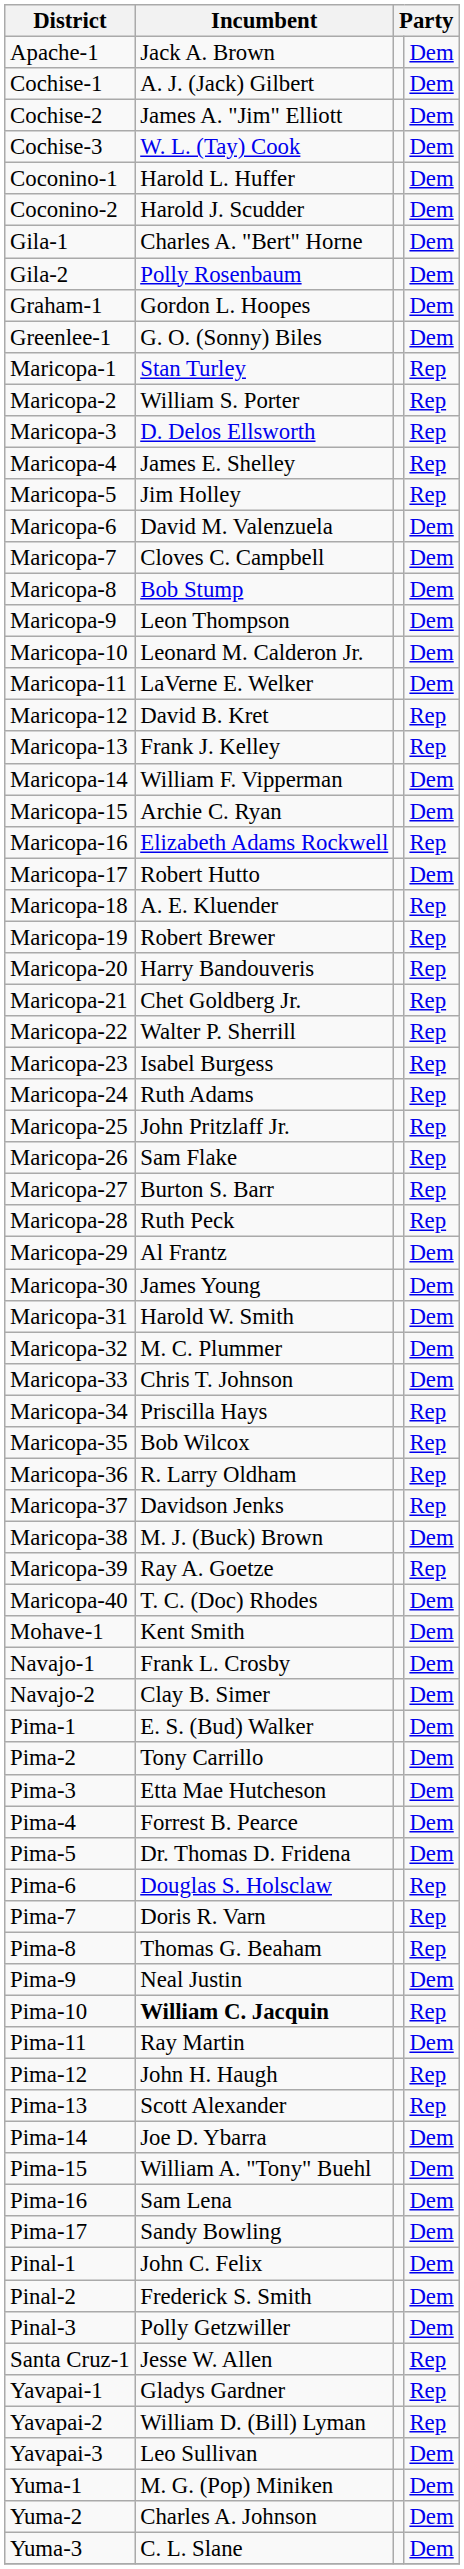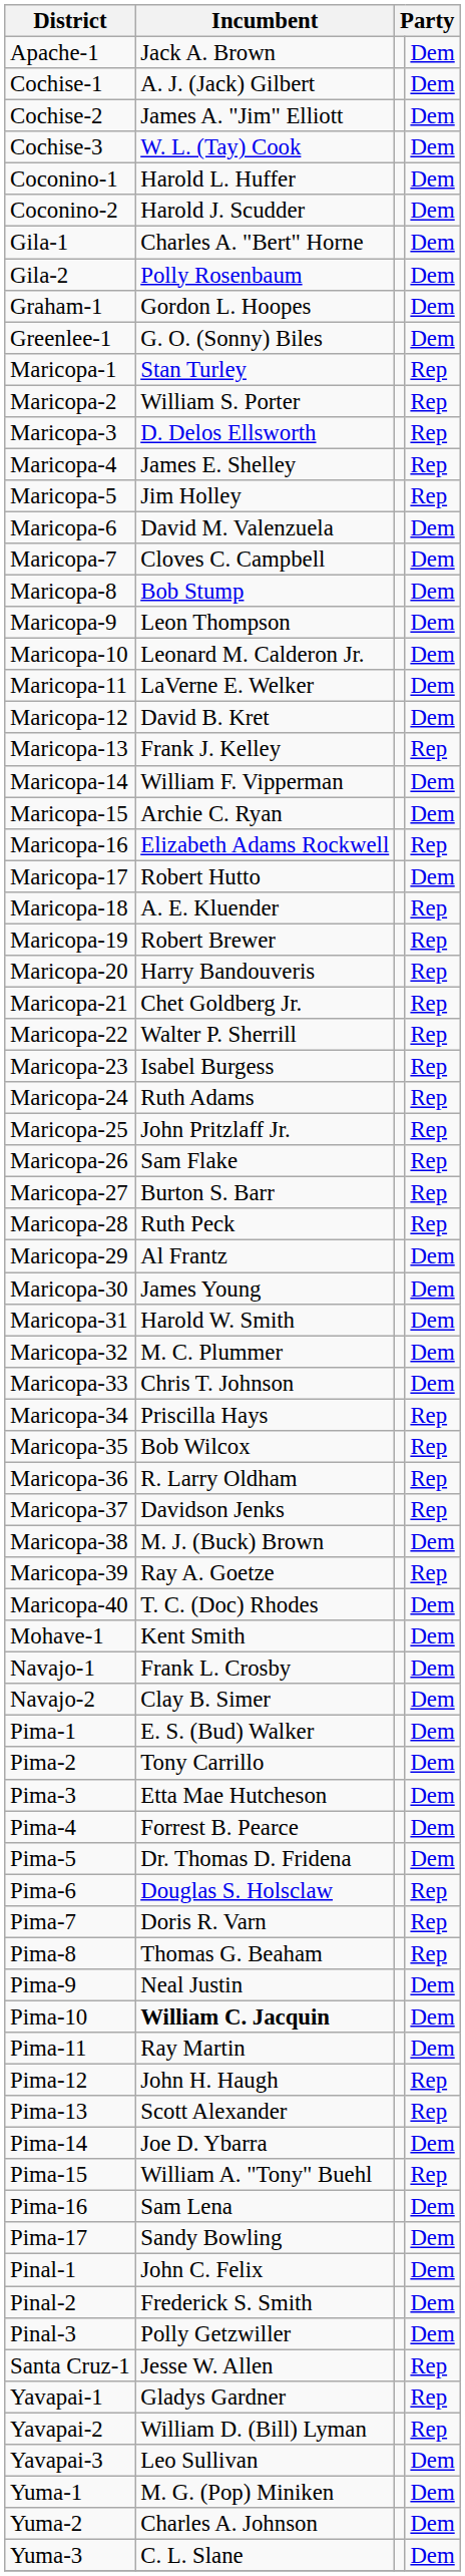 <table class="sortable wikitable" style="font-size:95%;line-height:14px;">
 <tr>
 <th>District</th>
 <th>Incumbent</th>
 <th colspan="2">Party</th>
 </tr>
 <tr>
 <td>Apache-1</td>
 <td>Jack A. Brown</td>
 <td style="background:"></td>
 <td><a href='#'>Dem</a></td>
 </tr>
 <tr>
 <td>Cochise-1</td>
 <td>A. J. (Jack) Gilbert</td>
 <td style="background:"></td>
 <td><a href='#'>Dem</a></td>
 </tr>
 <tr>
 <td>Cochise-2</td>
 <td>James A. "Jim" Elliott</td>
 <td style="background:"></td>
 <td><a href='#'>Dem</a></td>
 </tr>
 <tr>
 <td>Cochise-3</td>
 <td><a href='#'>W. L. (Tay) Cook</a></td>
 <td style="background:"></td>
 <td><a href='#'>Dem</a></td>
 </tr>
 <tr>
 <td>Coconino-1</td>
 <td>Harold L. Huffer</td>
 <td style="background:"></td>
 <td><a href='#'>Dem</a></td>
 </tr>
 <tr>
 <td>Coconino-2</td>
 <td>Harold J. Scudder</td>
 <td style="background:"></td>
 <td><a href='#'>Dem</a></td>
 </tr>
 <tr>
 <td>Gila-1</td>
 <td>Charles A. "Bert" Horne</td>
 <td style="background:"></td>
 <td><a href='#'>Dem</a></td>
 </tr>
 <tr>
 <td>Gila-2</td>
 <td><a href='#'>Polly Rosenbaum</a></td>
 <td style="background:"></td>
 <td><a href='#'>Dem</a></td>
 </tr>
 <tr>
 <td>Graham-1</td>
 <td>Gordon L. Hoopes</td>
 <td style="background:"></td>
 <td><a href='#'>Dem</a></td>
 </tr>
 <tr>
 <td>Greenlee-1</td>
 <td>G. O. (Sonny) Biles</td>
 <td style="background:"></td>
 <td><a href='#'>Dem</a></td>
 </tr>
 <tr>
 <td>Maricopa-1</td>
 <td><a href='#'>Stan Turley</a></td>
 <td style="background:"></td>
 <td><a href='#'>Rep</a></td>
 </tr>
 <tr>
 <td>Maricopa-2</td>
 <td>William S. Porter</td>
 <td style="background:"></td>
 <td><a href='#'>Rep</a></td>
 </tr>
 <tr>
 <td>Maricopa-3</td>
 <td><a href='#'>D. Delos Ellsworth</a></td>
 <td style="background:"></td>
 <td><a href='#'>Rep</a></td>
 </tr>
 <tr>
 <td>Maricopa-4</td>
 <td>James E. Shelley</td>
 <td style="background:"></td>
 <td><a href='#'>Rep</a></td>
 </tr>
 <tr>
 <td>Maricopa-5</td>
 <td>Jim Holley</td>
 <td style="background:"></td>
 <td><a href='#'>Rep</a></td>
 </tr>
 <tr>
 <td>Maricopa-6</td>
 <td>David M. Valenzuela</td>
 <td style="background:"></td>
 <td><a href='#'>Dem</a></td>
 </tr>
 <tr>
 <td>Maricopa-7</td>
 <td>Cloves C. Campbell</td>
 <td style="background:"></td>
 <td><a href='#'>Dem</a></td>
 </tr>
 <tr>
 <td>Maricopa-8</td>
 <td><a href='#'>Bob Stump</a></td>
 <td style="background:"></td>
 <td><a href='#'>Dem</a></td>
 </tr>
 <tr>
 <td>Maricopa-9</td>
 <td>Leon Thompson</td>
 <td style="background:"></td>
 <td><a href='#'>Dem</a></td>
 </tr>
 <tr>
 <td>Maricopa-10</td>
 <td>Leonard M. Calderon Jr.</td>
 <td style="background:"></td>
 <td><a href='#'>Dem</a></td>
 </tr>
 <tr>
 <td>Maricopa-11</td>
 <td>LaVerne E. Welker</td>
 <td style="background:"></td>
 <td><a href='#'>Dem</a></td>
 </tr>
 <tr>
 <td>Maricopa-12</td>
 <td>David B. Kret</td>
 <td style="background:"></td>
-<td><a href='#'>Rep</a></td>
+<td><a href='#'>Dem</a></td>
 </tr>
 <tr>
 <td>Maricopa-13</td>
 <td>Frank J. Kelley</td>
 <td style="background:"></td>
 <td><a href='#'>Rep</a></td>
 </tr>
 <tr>
 <td>Maricopa-14</td>
 <td>William F. Vipperman</td>
 <td style="background:"></td>
 <td><a href='#'>Dem</a></td>
 </tr>
 <tr>
 <td>Maricopa-15</td>
 <td>Archie C. Ryan</td>
 <td style="background:"></td>
 <td><a href='#'>Dem</a></td>
 </tr>
 <tr>
 <td>Maricopa-16</td>
 <td><a href='#'>Elizabeth Adams Rockwell</a></td>
 <td style="background:"></td>
 <td><a href='#'>Rep</a></td>
 </tr>
 <tr>
 <td>Maricopa-17</td>
 <td>Robert Hutto</td>
 <td style="background:"></td>
 <td><a href='#'>Dem</a></td>
 </tr>
 <tr>
 <td>Maricopa-18</td>
 <td>A. E. Kluender</td>
 <td style="background:"></td>
 <td><a href='#'>Rep</a></td>
 </tr>
 <tr>
 <td>Maricopa-19</td>
 <td>Robert Brewer</td>
 <td style="background:"></td>
 <td><a href='#'>Rep</a></td>
 </tr>
 <tr>
 <td>Maricopa-20</td>
 <td>Harry Bandouveris</td>
 <td style="background:"></td>
 <td><a href='#'>Rep</a></td>
 </tr>
 <tr>
 <td>Maricopa-21</td>
 <td>Chet Goldberg Jr.</td>
 <td style="background:"></td>
 <td><a href='#'>Rep</a></td>
 </tr>
 <tr>
 <td>Maricopa-22</td>
 <td>Walter P. Sherrill</td>
 <td style="background:"></td>
 <td><a href='#'>Rep</a></td>
 </tr>
 <tr>
 <td>Maricopa-23</td>
 <td>Isabel Burgess</td>
 <td style="background:"></td>
 <td><a href='#'>Rep</a></td>
 </tr>
 <tr>
 <td>Maricopa-24</td>
 <td>Ruth Adams</td>
 <td style="background:"></td>
 <td><a href='#'>Rep</a></td>
 </tr>
 <tr>
 <td>Maricopa-25</td>
 <td>John Pritzlaff Jr.</td>
 <td style="background:"></td>
 <td><a href='#'>Rep</a></td>
 </tr>
 <tr>
 <td>Maricopa-26</td>
 <td>Sam Flake</td>
 <td style="background:"></td>
 <td><a href='#'>Rep</a></td>
 </tr>
 <tr>
 <td>Maricopa-27</td>
 <td>Burton S. Barr</td>
 <td style="background:"></td>
 <td><a href='#'>Rep</a></td>
 </tr>
 <tr>
 <td>Maricopa-28</td>
 <td>Ruth Peck</td>
 <td style="background:"></td>
 <td><a href='#'>Rep</a></td>
 </tr>
 <tr>
 <td>Maricopa-29</td>
 <td>Al Frantz</td>
 <td style="background:"></td>
 <td><a href='#'>Dem</a></td>
 </tr>
 <tr>
 <td>Maricopa-30</td>
 <td>James Young</td>
 <td style="background:"></td>
 <td><a href='#'>Dem</a></td>
 </tr>
 <tr>
 <td>Maricopa-31</td>
 <td>Harold W. Smith</td>
 <td style="background:"></td>
 <td><a href='#'>Dem</a></td>
 </tr>
 <tr>
 <td>Maricopa-32</td>
 <td>M. C. Plummer</td>
 <td style="background:"></td>
 <td><a href='#'>Dem</a></td>
 </tr>
 <tr>
 <td>Maricopa-33</td>
 <td>Chris T. Johnson</td>
 <td style="background:"></td>
 <td><a href='#'>Dem</a></td>
 </tr>
 <tr>
 <td>Maricopa-34</td>
 <td>Priscilla Hays</td>
 <td style="background:"></td>
 <td><a href='#'>Rep</a></td>
 </tr>
 <tr>
 <td>Maricopa-35</td>
 <td>Bob Wilcox</td>
 <td style="background:"></td>
 <td><a href='#'>Rep</a></td>
 </tr>
 <tr>
 <td>Maricopa-36</td>
 <td>R. Larry Oldham</td>
 <td style="background:"></td>
 <td><a href='#'>Rep</a></td>
 </tr>
 <tr>
 <td>Maricopa-37</td>
 <td>Davidson Jenks</td>
 <td style="background:"></td>
 <td><a href='#'>Rep</a></td>
 </tr>
 <tr>
 <td>Maricopa-38</td>
 <td>M. J. (Buck) Brown</td>
 <td style="background:"></td>
 <td><a href='#'>Dem</a></td>
 </tr>
 <tr>
 <td>Maricopa-39</td>
 <td>Ray A. Goetze</td>
 <td style="background:"></td>
 <td><a href='#'>Rep</a></td>
 </tr>
 <tr>
 <td>Maricopa-40</td>
 <td>T. C. (Doc) Rhodes</td>
 <td style="background:"></td>
 <td><a href='#'>Dem</a></td>
 </tr>
 <tr>
 <td>Mohave-1</td>
 <td>Kent Smith</td>
 <td style="background:"></td>
 <td><a href='#'>Dem</a></td>
 </tr>
 <tr>
 <td>Navajo-1</td>
 <td>Frank L. Crosby</td>
 <td style="background:"></td>
 <td><a href='#'>Dem</a></td>
 </tr>
 <tr>
 <td>Navajo-2</td>
 <td>Clay B. Simer</td>
 <td style="background:"></td>
 <td><a href='#'>Dem</a></td>
 </tr>
 <tr>
 <td>Pima-1</td>
 <td>E. S. (Bud) Walker</td>
 <td style="background:"></td>
 <td><a href='#'>Dem</a></td>
 </tr>
 <tr>
 <td>Pima-2</td>
 <td>Tony Carrillo</td>
 <td style="background:"></td>
 <td><a href='#'>Dem</a></td>
 </tr>
 <tr>
 <td>Pima-3</td>
 <td>Etta Mae Hutcheson</td>
 <td style="background:"></td>
 <td><a href='#'>Dem</a></td>
 </tr>
 <tr>
 <td>Pima-4</td>
 <td>Forrest B. Pearce</td>
 <td style="background:"></td>
 <td><a href='#'>Dem</a></td>
 </tr>
 <tr>
 <td>Pima-5</td>
 <td>Dr. Thomas D. Fridena</td>
 <td style="background:"></td>
 <td><a href='#'>Dem</a></td>
 </tr>
 <tr>
 <td>Pima-6</td>
 <td><a href='#'>Douglas S. Holsclaw</a></td>
 <td style="background:"></td>
 <td><a href='#'>Rep</a></td>
 </tr>
 <tr>
 <td>Pima-7</td>
 <td>Doris R. Varn</td>
 <td style="background:"></td>
 <td><a href='#'>Rep</a></td>
 </tr>
 <tr>
 <td>Pima-8</td>
 <td>Thomas G. Beaham</td>
 <td style="background:"></td>
 <td><a href='#'>Rep</a></td>
 </tr>
 <tr>
 <td>Pima-9</td>
 <td>Neal Justin</td>
 <td style="background:"></td>
 <td><a href='#'>Dem</a></td>
 </tr>
 <tr>
 <td>Pima-10</td>
 <td><strong>William C. Jacquin</strong></td>
 <td style="background:"></td>
-<td><a href='#'>Rep</a></td>
+<td><a href='#'>Dem</a></td>
 </tr>
 <tr>
 <td>Pima-11</td>
 <td>Ray Martin</td>
 <td style="background:"></td>
 <td><a href='#'>Dem</a></td>
 </tr>
 <tr>
 <td>Pima-12</td>
 <td>John H. Haugh</td>
 <td style="background:"></td>
 <td><a href='#'>Rep</a></td>
 </tr>
 <tr>
 <td>Pima-13</td>
 <td>Scott Alexander</td>
 <td style="background:"></td>
 <td><a href='#'>Rep</a></td>
 </tr>
 <tr>
 <td>Pima-14</td>
 <td>Joe D. Ybarra</td>
 <td style="background:"></td>
 <td><a href='#'>Dem</a></td>
 </tr>
 <tr>
 <td>Pima-15</td>
 <td>William A. "Tony" Buehl</td>
 <td style="background:"></td>
-<td><a href='#'>Dem</a></td>
+<td><a href='#'>Rep</a></td>
 </tr>
 <tr>
 <td>Pima-16</td>
 <td>Sam Lena</td>
 <td style="background:"></td>
 <td><a href='#'>Dem</a></td>
 </tr>
 <tr>
 <td>Pima-17</td>
 <td>Sandy Bowling</td>
 <td style="background:"></td>
 <td><a href='#'>Dem</a></td>
 </tr>
 <tr>
 <td>Pinal-1</td>
 <td>John C. Felix</td>
 <td style="background:"></td>
 <td><a href='#'>Dem</a></td>
 </tr>
 <tr>
 <td>Pinal-2</td>
 <td>Frederick S. Smith</td>
 <td style="background:"></td>
 <td><a href='#'>Dem</a></td>
 </tr>
 <tr>
 <td>Pinal-3</td>
 <td>Polly Getzwiller</td>
 <td style="background:"></td>
 <td><a href='#'>Dem</a></td>
 </tr>
 <tr>
 <td>Santa Cruz-1</td>
 <td>Jesse W. Allen</td>
 <td style="background:"></td>
 <td><a href='#'>Rep</a></td>
 </tr>
 <tr>
 <td>Yavapai-1</td>
 <td>Gladys Gardner</td>
 <td style="background:"></td>
 <td><a href='#'>Rep</a></td>
 </tr>
 <tr>
 <td>Yavapai-2</td>
 <td>William D. (Bill) Lyman</td>
 <td style="background:"></td>
 <td><a href='#'>Rep</a></td>
 </tr>
 <tr>
 <td>Yavapai-3</td>
 <td>Leo Sullivan</td>
 <td style="background:"></td>
 <td><a href='#'>Dem</a></td>
 </tr>
 <tr>
 <td>Yuma-1</td>
 <td>M. G. (Pop) Miniken</td>
 <td style="background:"></td>
 <td><a href='#'>Dem</a></td>
 </tr>
 <tr>
 <td>Yuma-2</td>
 <td>Charles A. Johnson</td>
 <td style="background:"></td>
 <td><a href='#'>Dem</a></td>
 </tr>
 <tr>
 <td>Yuma-3</td>
 <td>C. L. Slane</td>
 <td style="background:"></td>
 <td><a href='#'>Dem</a></td>
 </tr>
 <tr>
 </tr>
 </table>
